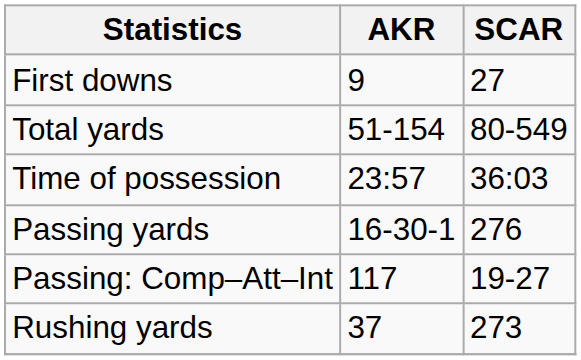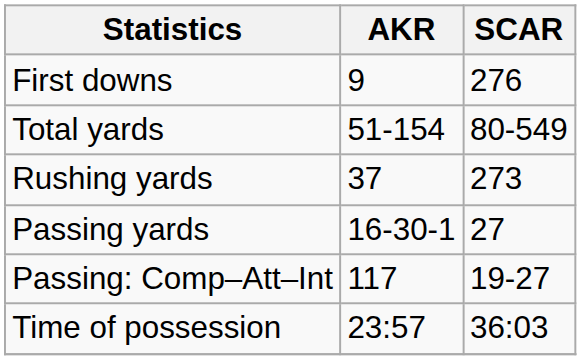 <table class="wikitable" style="float: left;">
 <tr>
 <th>Statistics</th>
 <th>AKR</th>
 <th>SCAR</th>
 </tr>
 <tr>
 <td>First downs</td>
 <td>9</td>
-<td>27</td>
+<td>276</td>
 </tr>
 <tr>
 <td>Total yards</td>
 <td>51-154</td>
 <td>80-549</td>
 </tr>
 <tr>
-<td>Time of possession</td>
-<td>23:57</td>
-<td>36:03</td>
+<td>Rushing yards</td>
+<td>37</td>
+<td>273</td>
 </tr>
 <tr>
 <td>Passing yards</td>
 <td>16-30-1</td>
-<td>276</td>
+<td>27</td>
 </tr>
 <tr>
 <td>Passing: Comp–Att–Int</td>
 <td>117</td>
 <td>19-27</td>
 </tr>
 <tr>
-<td>Rushing yards</td>
-<td>37</td>
-<td>273</td>
+<td>Time of possession</td>
+<td>23:57</td>
+<td>36:03</td>
 </tr>
 <tr>
 </tr>
 </table>
